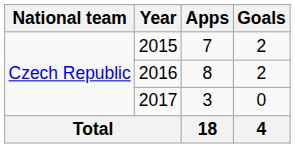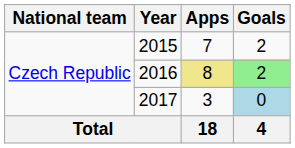 <table class="wikitable" style="text-align:center">
 <tr>
 <th>National team</th>
 <th>Year</th>
 <th>Apps</th>
 <th>Goals</th>
 </tr>
 <tr>
 <td rowspan="3"><a href='#'>Czech Republic</a></td>
 <td>2015</td>
 <td>7</td>
 <td>2</td>
 </tr>
 <tr>
 <td>2016</td>
-<td>8</td>
-<td>2</td>
+<td style="background: khaki;">8</td>
+<td style="background: lightgreen;">2</td>
 </tr>
 <tr>
 <td>2017</td>
 <td>3</td>
-<td>0</td>
+<td style="background: lightblue;">0</td>
 </tr>
 <tr>
 <th colspan="2">Total</th>
 <th>18</th>
 <th>4</th>
 </tr>
 </table>
